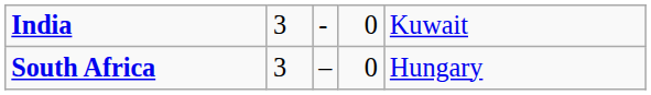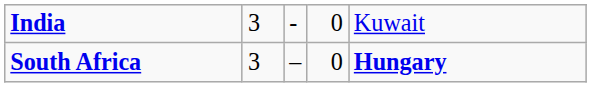 <table class="wikitable">
 <tr>
 <td width=150> <strong><a href='#'>India</a></strong></td>
 <td style="width:20px; text-align:left;">3</td>
 <td>-</td>
 <td style="width:20px; text-align:right;">0</td>
 <td width=150> <a href='#'>Kuwait</a></td>
 </tr>
 <tr>
 <td> <strong><a href='#'>South Africa</a></strong></td>
 <td style="text-align:left;">3</td>
 <td>–</td>
 <td style="text-align:right;">0</td>
-<td> <a href='#'>Hungary</a></td>
+<td><strong> <a href='#'>Hungary</a></strong></td>
 </tr>
 </table>
